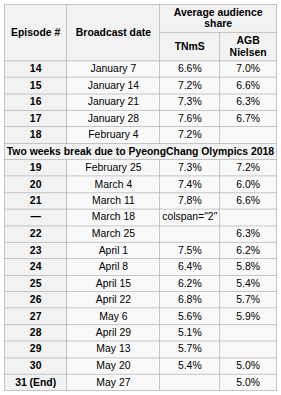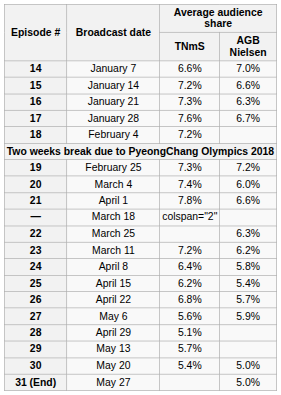 <table class="wikitable" style="text-align:center;">
 <tr>
 <th rowspan="2">Episode #</th>
 <th rowspan="2">Broadcast date</th>
 <th colspan="2">Average audience share</th>
 </tr>
 <tr>
 <th width=80>TNmS<br></th>
 <th width=80>AGB Nielsen<br></th>
 </tr>
 <tr>
 <th>14</th>
 <td>January 7</td>
 <td>6.6%</td>
 <td>7.0%</td>
 </tr>
 <tr>
 <th>15</th>
 <td>January 14</td>
 <td>7.2%</td>
 <td>6.6%</td>
 </tr>
 <tr>
 <th>16</th>
 <td>January 21</td>
 <td>7.3%</td>
 <td>6.3%</td>
 </tr>
 <tr>
 <th>17</th>
 <td>January 28</td>
 <td>7.6%</td>
 <td>6.7%</td>
 </tr>
 <tr>
 <th>18</th>
 <td>February 4</td>
 <td>7.2%</td>
 <td></td>
 </tr>
 <tr>
 <th colspan="4">Two weeks break due to PyeongChang Olympics 2018</th>
 </tr>
 <tr>
 <th>19</th>
 <td>February 25</td>
 <td>7.3%</td>
 <td>7.2%</td>
 </tr>
 <tr>
 <th>20</th>
 <td>March 4</td>
 <td>7.4%</td>
 <td>6.0%</td>
 </tr>
 <tr>
 <th>21</th>
-<td>March 11</td>
+<td>April 1</td>
 <td>7.8%</td>
 <td>6.6%</td>
 </tr>
 <tr>
 <th>—</th>
 <td>March 18</td>
 <td>colspan="2" </td>
 </tr>
 <tr>
 <th>22</th>
 <td>March 25</td>
 <td></td>
 <td>6.3%</td>
 </tr>
 <tr>
 <th>23</th>
-<td>April 1</td>
-<td>7.5%</td>
+<td>March 11</td>
+<td>7.2%</td>
 <td>6.2%</td>
 </tr>
 <tr>
 <th>24</th>
 <td>April 8</td>
 <td>6.4%</td>
 <td>5.8%</td>
 </tr>
 <tr>
 <th>25</th>
 <td>April 15</td>
 <td>6.2%</td>
 <td>5.4%</td>
 </tr>
 <tr>
 <th>26</th>
 <td>April 22</td>
 <td>6.8%</td>
 <td>5.7%</td>
 </tr>
 <tr>
 <th>27</th>
 <td>May 6</td>
 <td>5.6%</td>
 <td>5.9%</td>
 </tr>
 <tr>
 <th>28</th>
 <td>April 29</td>
 <td>5.1%</td>
 <td></td>
 </tr>
 <tr>
 <th>29</th>
 <td>May 13</td>
 <td>5.7%</td>
 <td></td>
 </tr>
 <tr>
 <th>30</th>
 <td>May 20</td>
 <td>5.4%</td>
 <td>5.0%</td>
 </tr>
 <tr>
 <th>31 (End)</th>
 <td>May 27</td>
 <td></td>
 <td>5.0%</td>
 </tr>
 </table>
